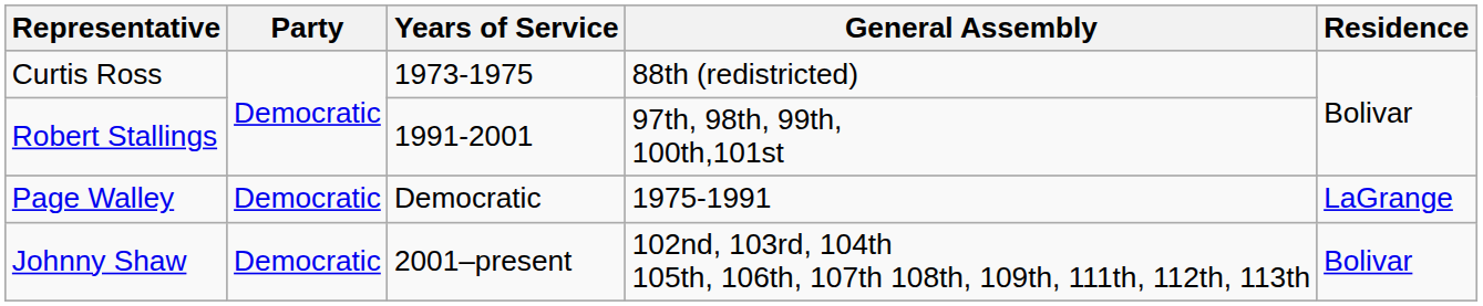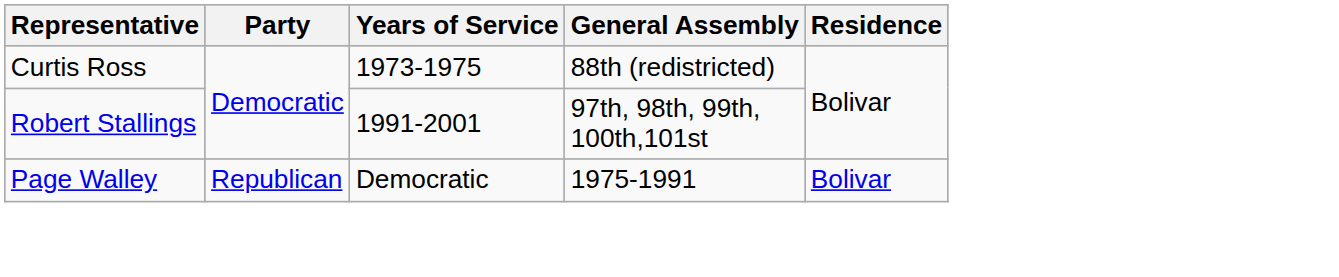 <table class="wikitable">
 <tr>
 <th>Representative</th>
 <th>Party</th>
 <th>Years of Service</th>
 <th>General Assembly</th>
 <th>Residence</th>
 </tr>
 <tr>
 <td>Curtis Ross</td>
 <td rowspan="2" ><a href='#'>Democratic</a></td>
 <td>1973-1975</td>
 <td>88th (redistricted)</td>
 <td rowspan="2">Bolivar</td>
 </tr>
 <tr>
 <td><a href='#'>Robert Stallings</a></td>
 <td>1991-2001</td>
 <td>97th, 98th, 99th,<br>100th,101st</td>
 </tr>
 <tr>
 <td><a href='#'>Page Walley</a></td>
-<td><a href='#'>Democratic</a></td>
+<td><a href='#'>Republican</a></td>
 <td>Democratic</td>
 <td>1975-1991</td>
-<td><a href='#'>LaGrange</a></td>
-</tr>
-<tr>
-<td><a href='#'>Johnny Shaw</a></td>
-<td><a href='#'>Democratic</a></td>
-<td>2001–present</td>
-<td>102nd, 103rd, 104th<br>105th, 106th, 107th 108th, 109th, 111th, 112th, 113th</td>
 <td><a href='#'>Bolivar</a></td>
 </tr>
 </table>
